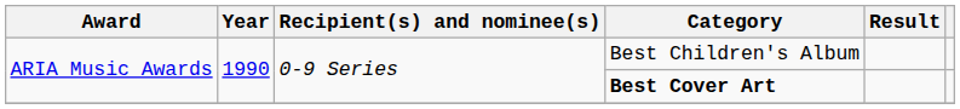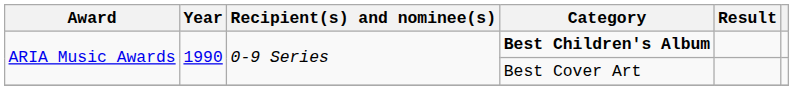 <table class="wikitable">
 <tr>
 <th scope="col">Award</th>
 <th scope="col">Year</th>
 <th scope="col">Recipient(s) and nominee(s)</th>
 <th scope="col">Category</th>
 <th scope="col">Result</th>
 <th scope="col" class="unsortable"></th>
 </tr>
 <tr>
 <td rowspan="2" !scope="row"><a href='#'>ARIA Music Awards</a></td>
 <td rowspan="2"><a href='#'>1990</a></td>
 <td rowspan="2"><em>0-9 Series</em></td>
-<td>Best Children's Album</td>
+<td><strong>Best Children's Album</strong></td>
 <td></td>
 <td></td>
 </tr>
 <tr>
-<td><strong>Best Cover Art</strong></td>
+<td>Best Cover Art</td>
 <td></td>
 <td></td>
 </tr>
 <tr>
 </tr>
 </table>
